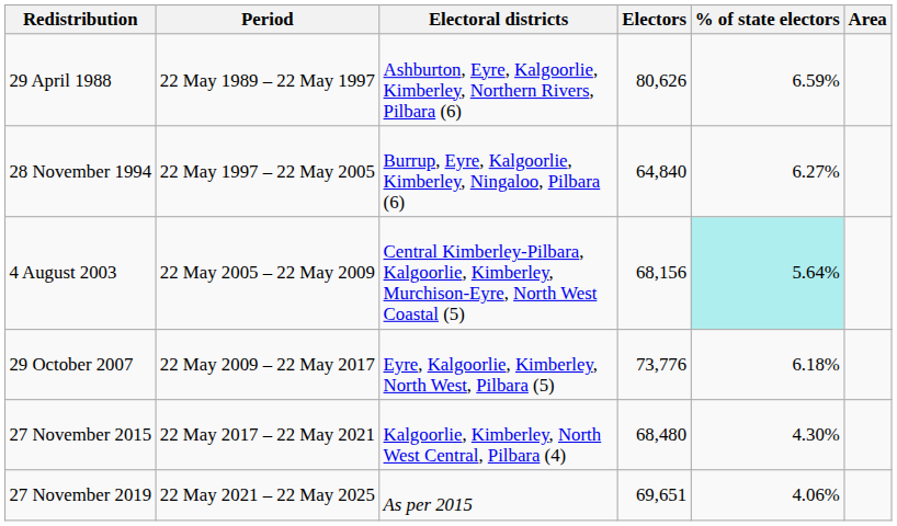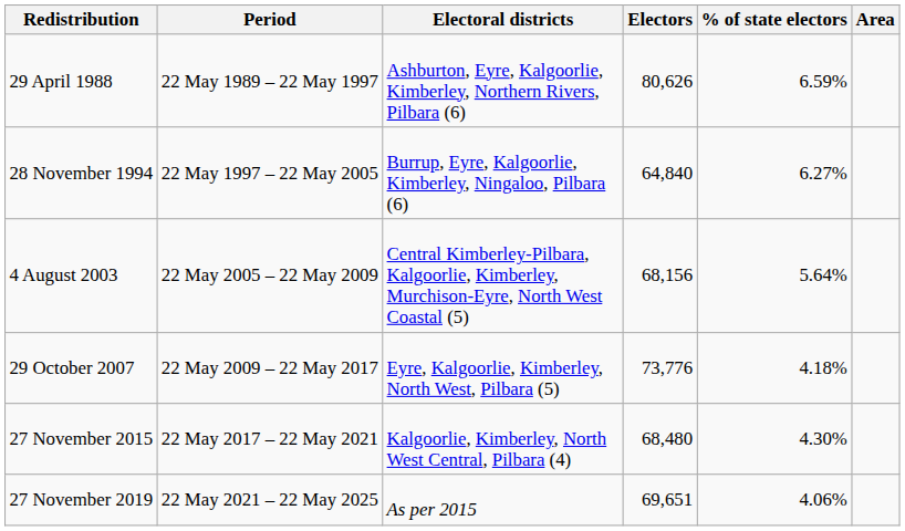 <table class="wikitable">
 <tr>
 <th>Redistribution</th>
 <th>Period</th>
 <th>Electoral districts</th>
 <th>Electors</th>
 <th>% of state electors</th>
 <th>Area</th>
 </tr>
 <tr>
 <td>29 April 1988</td>
 <td>22 May 1989 – 22 May 1997</td>
 <td width = 200><br><a href='#'>Ashburton</a>,  <a href='#'>Eyre</a>,  <a href='#'>Kalgoorlie</a>,  <a href='#'>Kimberley</a>,  <a href='#'>Northern Rivers</a>,  <a href='#'>Pilbara</a> (6)</td>
 <td align=right>80,626</td>
 <td align=right>6.59%</td>
 <td align=right></td>
 </tr>
 <tr>
 <td>28 November 1994</td>
 <td>22 May 1997 – 22 May 2005</td>
 <td width = 200><br><a href='#'>Burrup</a>,  <a href='#'>Eyre</a>,  <a href='#'>Kalgoorlie</a>,  <a href='#'>Kimberley</a>,  <a href='#'>Ningaloo</a>,  <a href='#'>Pilbara</a> (6)</td>
 <td align=right>64,840</td>
 <td align=right>6.27%</td>
 <td align=right></td>
 </tr>
 <tr>
 <td>4 August 2003</td>
 <td>22 May 2005 – 22 May 2009</td>
 <td width = 200><br><a href='#'>Central Kimberley-Pilbara</a>, <a href='#'>Kalgoorlie</a>,  <a href='#'>Kimberley</a>,  <a href='#'>Murchison-Eyre</a>,  <a href='#'>North West Coastal</a> (5)</td>
 <td align=right>68,156</td>
-<td align=right style="background: paleturquoise;">5.64%</td>
+<td align=right>5.64%</td>
 <td align=right></td>
 </tr>
 <tr>
 <td>29 October 2007</td>
 <td>22 May 2009 – 22 May 2017</td>
 <td width = 200><br><a href='#'>Eyre</a>,  <a href='#'>Kalgoorlie</a>,  <a href='#'>Kimberley</a>,  <a href='#'>North West</a>,  <a href='#'>Pilbara</a> (5)</td>
 <td align=right>73,776</td>
-<td align=right>6.18%</td>
+<td align=right>4.18%</td>
 <td align=right></td>
 </tr>
 <tr>
 <td>27 November 2015</td>
 <td>22 May 2017 – 22 May 2021</td>
 <td width = 200><br><a href='#'>Kalgoorlie</a>,  <a href='#'>Kimberley</a>,  <a href='#'>North West Central</a>,  <a href='#'>Pilbara</a> (4)</td>
 <td align=right>68,480</td>
 <td align=right>4.30%</td>
 <td align=right></td>
 </tr>
 <tr>
 <td>27 November 2019</td>
 <td>22 May 2021 – 22 May 2025</td>
 <td width = 200><br><em>As per 2015</em></td>
 <td align=right>69,651</td>
 <td align=right>4.06%</td>
 <td align=right></td>
 </tr>
 </table>
